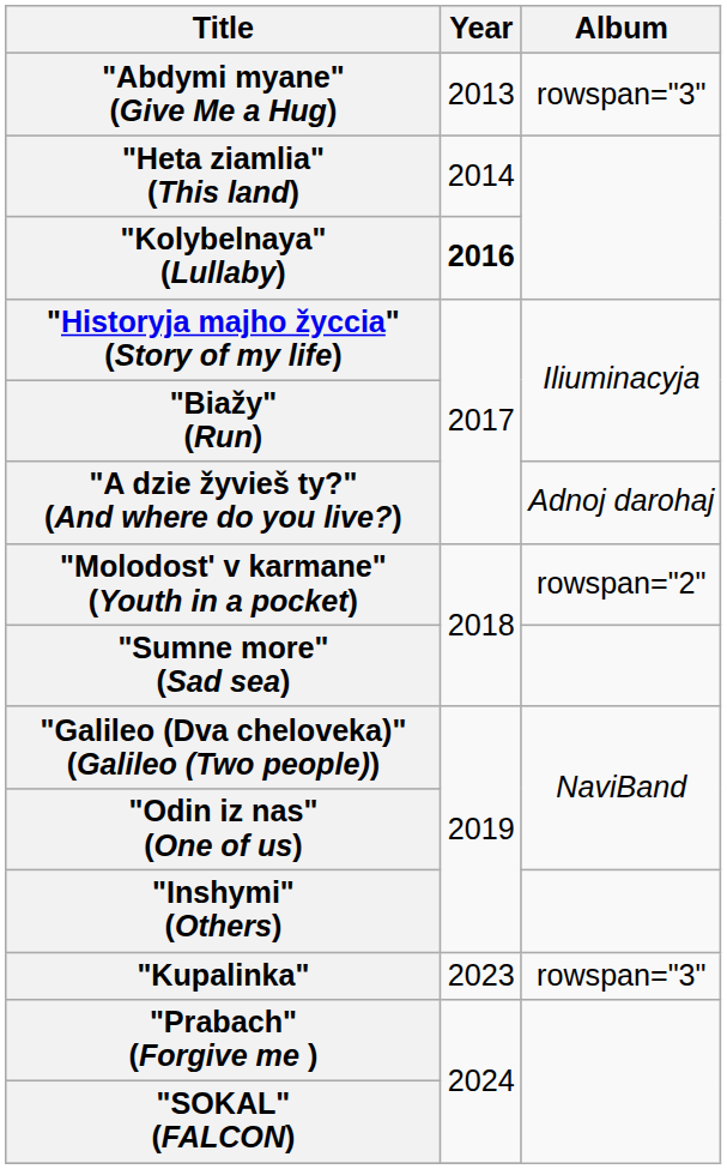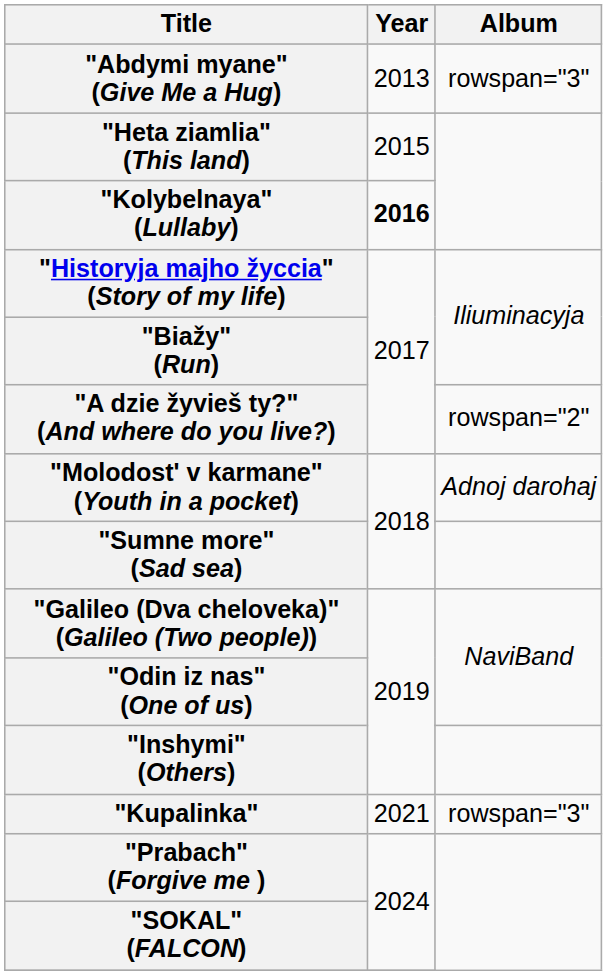 <table class="wikitable plainrowheaders" style="text-align:center;">
 <tr>
 <th scope="col" style="width:14em;">Title</th>
 <th scope="col" style="width:1em;">Year</th>
 <th scope="col">Album</th>
 </tr>
 <tr>
 <th scope="row">"Abdymi myane"<br><span>(<em>Give Me a Hug</em>)</span></th>
 <td>2013</td>
 <td>rowspan="3" </td>
 </tr>
 <tr>
 <th scope="row">"Heta ziamlia"<br><span>(<em>This land</em>)</span></th>
-<td>2014</td>
+<td>2015</td>
 </tr>
 <tr>
 <th scope="row">"Kolybelnaya"<br><span>(<em>Lullaby</em>)</span></th>
 <td><strong>2016</strong></td>
 </tr>
 <tr>
 <th scope="row">"<a href='#'>Historyja majho žyccia</a>"<br><span>(<em>Story of my life</em>)</span></th>
 <td rowspan="3">2017</td>
 <td rowspan="2"><em>Iliuminacyja</em></td>
 </tr>
 <tr>
 <th scope="row">"Biažy"<br><span>(<em>Run</em>)</span></th>
 </tr>
 <tr>
 <th scope="row">"A dzie žyvieš ty?"<br><span>(<em>And where do you live?</em>)</span></th>
-<td><em>Adnoj darohaj</em></td>
+<td>rowspan="2" </td>
 </tr>
 <tr>
 <th scope="row">"Molodost' v karmane"<br><span>(<em>Youth in a pocket</em>)</span></th>
 <td rowspan="2">2018</td>
-<td>rowspan="2" </td>
+<td><em>Adnoj darohaj</em></td>
 </tr>
 <tr>
 <th scope="row">"Sumne more"<br><span>(<em>Sad sea</em>)</span></th>
 </tr>
 <tr>
 <th scope="row">"Galileo (Dva cheloveka)"<br><span>(<em>Galileo (Two people)</em>)</span></th>
 <td rowspan="3">2019</td>
 <td rowspan="2"><em>NaviBand</em></td>
 </tr>
 <tr>
 <th scope="row">"Odin iz nas"<br><span>(<em>One of us</em>)</span></th>
 </tr>
 <tr>
 <th scope="row">"Inshymi"<br><span>(<em>Others</em>)</span></th>
 <td></td>
 </tr>
 <tr>
 <th scope="row">"Kupalinka"</th>
-<td>2023</td>
+<td>2021</td>
 <td>rowspan="3" </td>
 </tr>
 <tr>
 <th scope="row">"Prabach"<br><span>(<em>Forgive me </em>)</span></th>
 <td rowspan="2">2024</td>
 </tr>
 <tr>
 <th scope="row">"SOKAL"<br><span>(<em>FALCON</em>)</span></th>
 </tr>
 <tr>
 </tr>
 </table>
